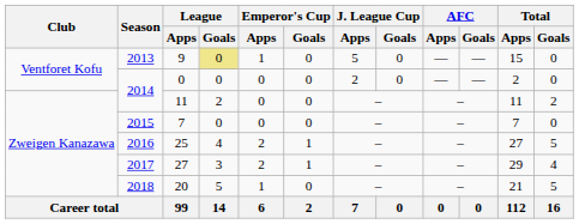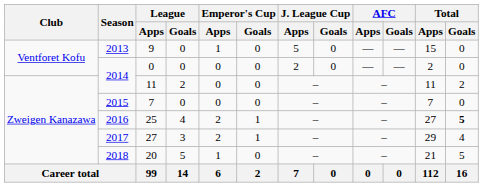 <table class="wikitable" style="text-align:center;">
 <tr>
 <th rowspan="2">Club</th>
 <th rowspan="2">Season</th>
 <th colspan="2">League</th>
 <th colspan="2">Emperor's Cup</th>
 <th colspan="2">J. League Cup</th>
 <th colspan="2"><a href='#'>AFC</a></th>
 <th colspan="2">Total</th>
 </tr>
 <tr>
 <th>Apps</th>
 <th>Goals</th>
 <th>Apps</th>
 <th>Goals</th>
 <th>Apps</th>
 <th>Goals</th>
 <th>Apps</th>
 <th>Goals</th>
 <th>Apps</th>
 <th>Goals</th>
 </tr>
 <tr>
 <td rowspan="2"><a href='#'>Ventforet Kofu</a></td>
 <td><a href='#'>2013</a></td>
 <td>9</td>
-<td style="background: khaki;">0</td>
+<td>0</td>
 <td>1</td>
 <td>0</td>
 <td>5</td>
 <td>0</td>
 <td>—</td>
 <td>—</td>
 <td>15</td>
 <td>0</td>
 </tr>
 <tr>
 <td rowspan="2"><a href='#'>2014</a></td>
 <td>0</td>
 <td>0</td>
 <td>0</td>
 <td>0</td>
 <td>2</td>
 <td>0</td>
 <td>—</td>
 <td>—</td>
 <td>2</td>
 <td>0</td>
 </tr>
 <tr>
 <td rowspan="5"><a href='#'>Zweigen Kanazawa</a></td>
 <td>11</td>
 <td>2</td>
 <td>0</td>
 <td>0</td>
 <td colspan="2">–</td>
 <td colspan="2">–</td>
 <td>11</td>
 <td>2</td>
 </tr>
 <tr>
 <td><a href='#'>2015</a></td>
 <td>7</td>
 <td>0</td>
 <td>0</td>
 <td>0</td>
 <td colspan="2">–</td>
 <td colspan="2">–</td>
 <td>7</td>
 <td>0</td>
 </tr>
 <tr>
 <td><a href='#'>2016</a></td>
 <td>25</td>
 <td>4</td>
 <td>2</td>
 <td>1</td>
 <td colspan="2">–</td>
 <td colspan="2">–</td>
 <td>27</td>
-<td>5</td>
+<td><strong>5</strong></td>
 </tr>
 <tr>
 <td><a href='#'>2017</a></td>
 <td>27</td>
 <td>3</td>
 <td>2</td>
 <td>1</td>
 <td colspan="2">–</td>
 <td colspan="2">–</td>
 <td>29</td>
 <td>4</td>
 </tr>
 <tr>
 <td><a href='#'>2018</a></td>
 <td>20</td>
 <td>5</td>
 <td>1</td>
 <td>0</td>
 <td colspan="2">–</td>
 <td colspan="2">–</td>
 <td>21</td>
 <td>5</td>
 </tr>
 <tr>
 <th colspan="2">Career total</th>
 <th>99</th>
 <th>14</th>
 <th>6</th>
 <th>2</th>
 <th>7</th>
 <th>0</th>
 <th>0</th>
 <th>0</th>
 <th>112</th>
 <th>16</th>
 </tr>
 </table>
